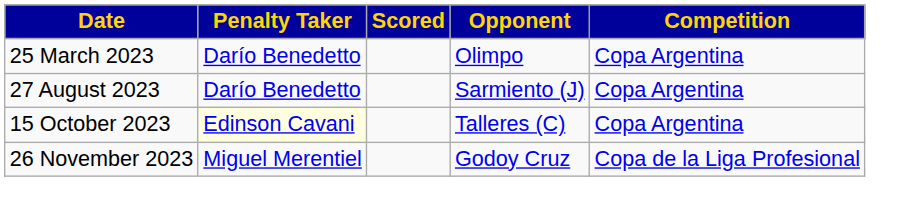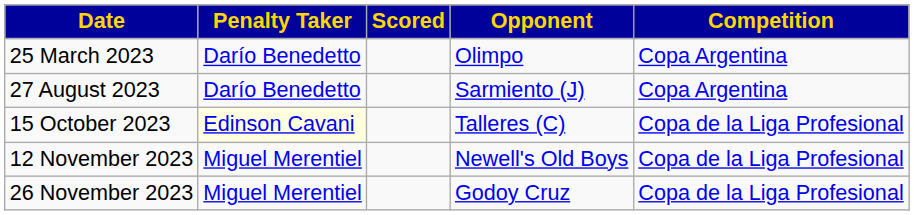 <table class="wikitable">
 <tr>
 <th style="background:#00009B; color:gold;">Date</th>
 <th style="background:#00009B; color:gold;">Penalty Taker</th>
 <th style="background:#00009B; color:gold;">Scored</th>
 <th style="background:#00009B; color:gold;">Opponent</th>
 <th style="background:#00009B; color:gold;">Competition</th>
 </tr>
 <tr>
 <td>25 March 2023</td>
 <td><a href='#'>Darío Benedetto</a></td>
 <td></td>
 <td><a href='#'>Olimpo</a></td>
 <td><a href='#'>Copa Argentina</a></td>
 </tr>
 <tr>
 <td>27 August 2023</td>
 <td><a href='#'>Darío Benedetto</a></td>
 <td></td>
 <td><a href='#'>Sarmiento (J)</a></td>
 <td><a href='#'>Copa Argentina</a></td>
 </tr>
 <tr>
 <td>15 October 2023</td>
 <td style="background: lightyellow;"><a href='#'>Edinson Cavani</a></td>
 <td></td>
 <td><a href='#'>Talleres (C)</a></td>
-<td><a href='#'>Copa Argentina</a></td>
+<td><a href='#'>Copa de la Liga Profesional</a></td>
+</tr>
+<tr>
+<td>12 November 2023</td>
+<td><a href='#'>Miguel Merentiel</a></td>
+<td></td>
+<td><a href='#'>Newell's Old Boys</a></td>
+<td><a href='#'>Copa de la Liga Profesional</a></td>
 </tr>
 <tr>
 <td>26 November 2023</td>
 <td><a href='#'>Miguel Merentiel</a></td>
 <td></td>
 <td><a href='#'>Godoy Cruz</a></td>
 <td><a href='#'>Copa de la Liga Profesional</a></td>
 </tr>
 </table>
